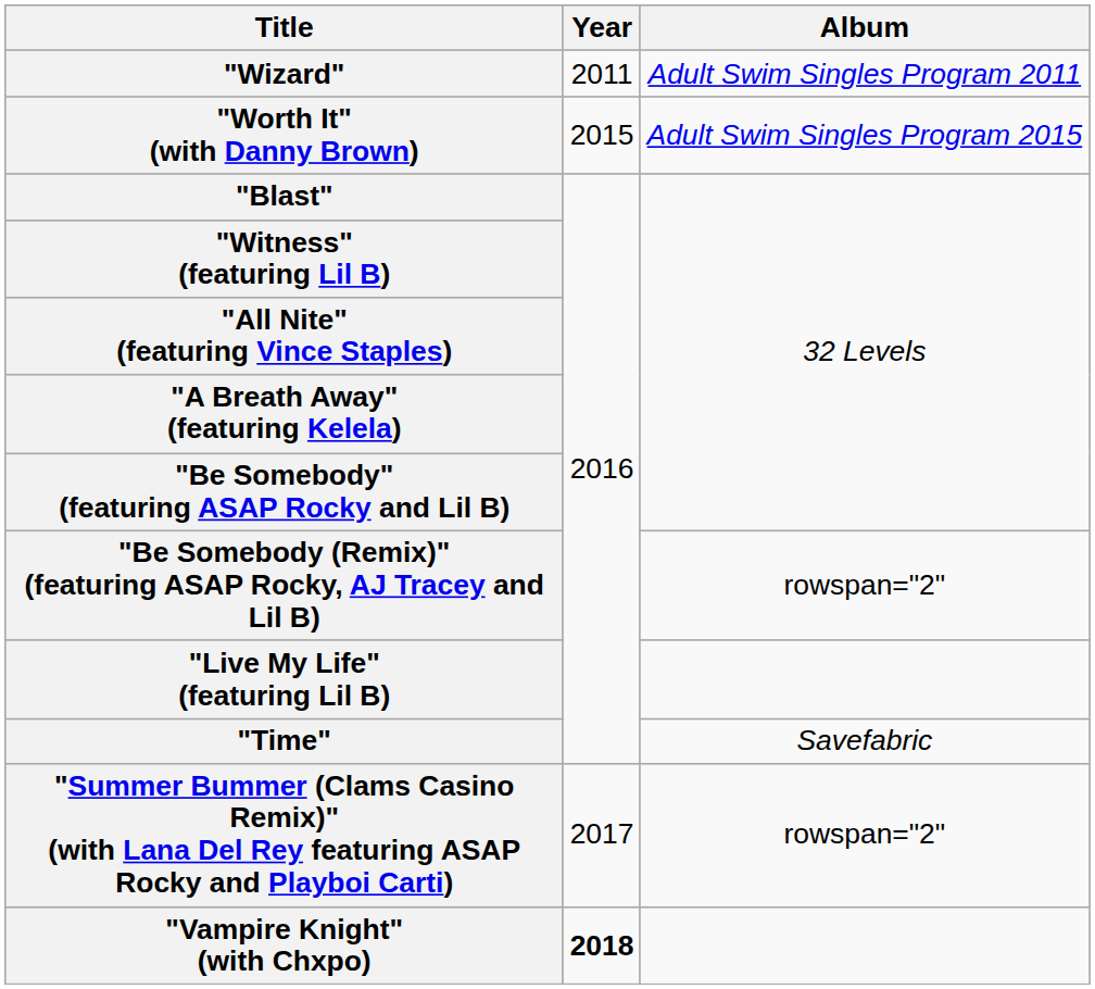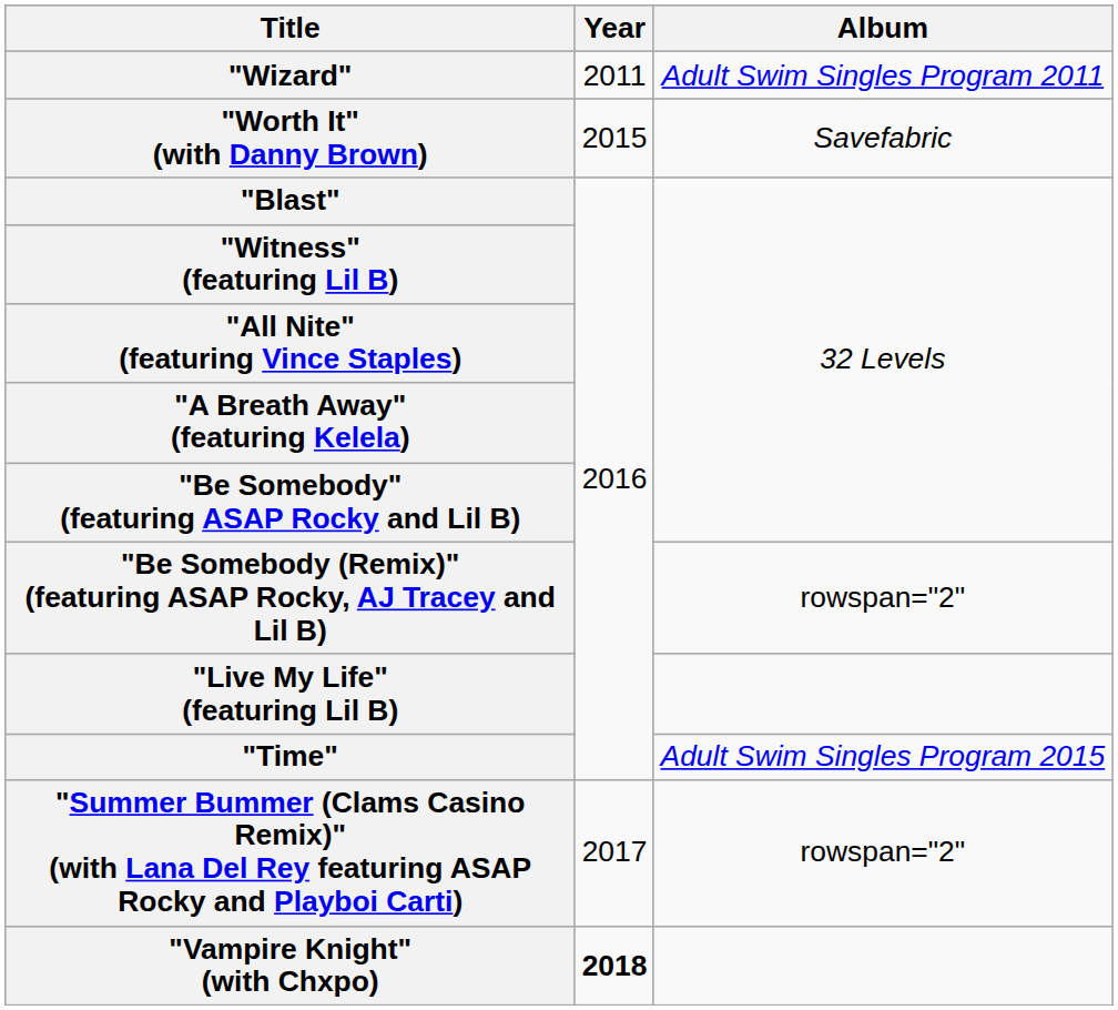 <table class="wikitable plainrowheaders" style="text-align:center;">
 <tr>
 <th scope="col" style="width:19em;">Title</th>
 <th scope="col">Year</th>
 <th scope="col">Album</th>
 </tr>
 <tr>
 <th scope="row">"Wizard"</th>
 <td>2011</td>
 <td><em><a href='#'>Adult Swim Singles Program 2011</a></em></td>
 </tr>
 <tr>
 <th scope="row">"Worth It"<br><span>(with <a href='#'>Danny Brown</a>)</span></th>
 <td>2015</td>
-<td><em><a href='#'>Adult Swim Singles Program 2015</a></em></td>
+<td><em>Savefabric</em></td>
 </tr>
 <tr>
 <th scope="row">"Blast"</th>
 <td rowspan="8">2016</td>
 <td rowspan="5"><em>32 Levels</em></td>
 </tr>
 <tr>
 <th scope="row">"Witness"<br><span>(featuring <a href='#'>Lil B</a>)</span></th>
 </tr>
 <tr>
 <th scope="row">"All Nite"<br><span>(featuring <a href='#'>Vince Staples</a>)</span></th>
 </tr>
 <tr>
 <th scope="row">"A Breath Away"<br><span>(featuring <a href='#'>Kelela</a>)</span></th>
 </tr>
 <tr>
 <th scope="row">"Be Somebody"<br><span>(featuring <a href='#'>ASAP Rocky</a> and Lil B)</span></th>
 </tr>
 <tr>
 <th scope="row">"Be Somebody (Remix)"<br><span>(featuring ASAP Rocky, <a href='#'>AJ Tracey</a> and Lil B)</span></th>
 <td>rowspan="2" </td>
 </tr>
 <tr>
 <th scope="row">"Live My Life"<br><span>(featuring Lil B)</span></th>
 </tr>
 <tr>
 <th scope="row">"Time"</th>
-<td><em>Savefabric</em></td>
+<td><em><a href='#'>Adult Swim Singles Program 2015</a></em></td>
 </tr>
 <tr>
 <th scope="row">"<a href='#'>Summer Bummer</a> (Clams Casino Remix)"<br><span>(with <a href='#'>Lana Del Rey</a> featuring ASAP Rocky and <a href='#'>Playboi Carti</a>)</span></th>
 <td>2017</td>
 <td>rowspan="2" </td>
 </tr>
 <tr>
 <th scope="row">"Vampire Knight"<br><span>(with Chxpo)</span></th>
 <td rowspan="1"><strong>2018</strong></td>
 </tr>
 <tr>
 </tr>
 </table>
